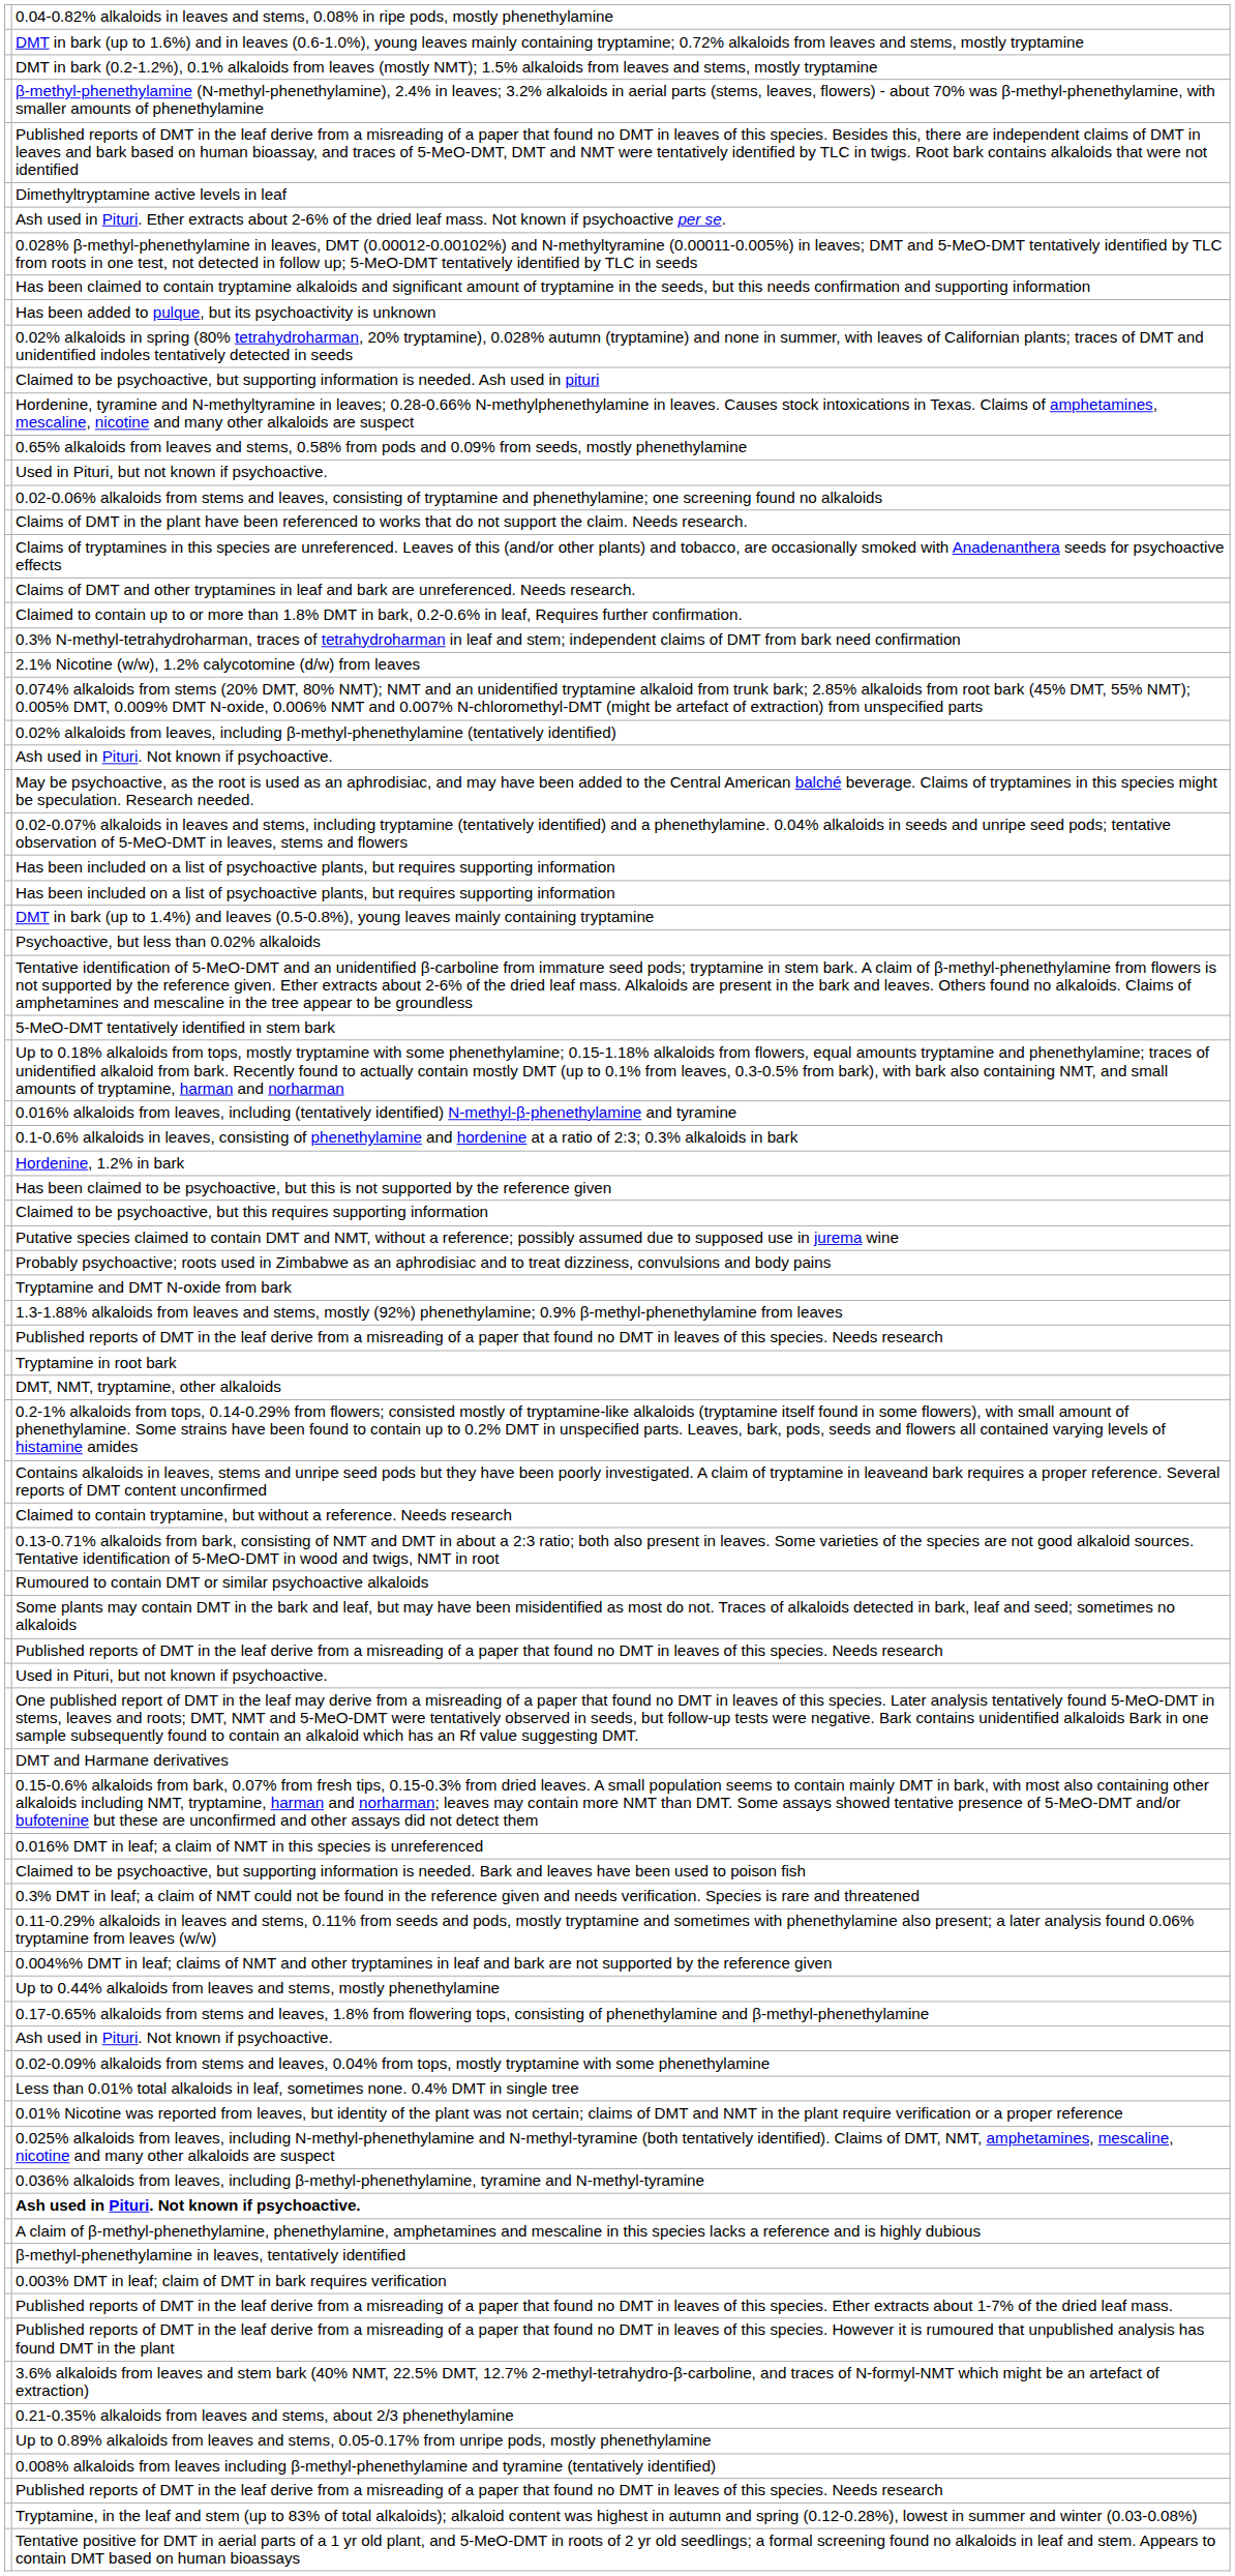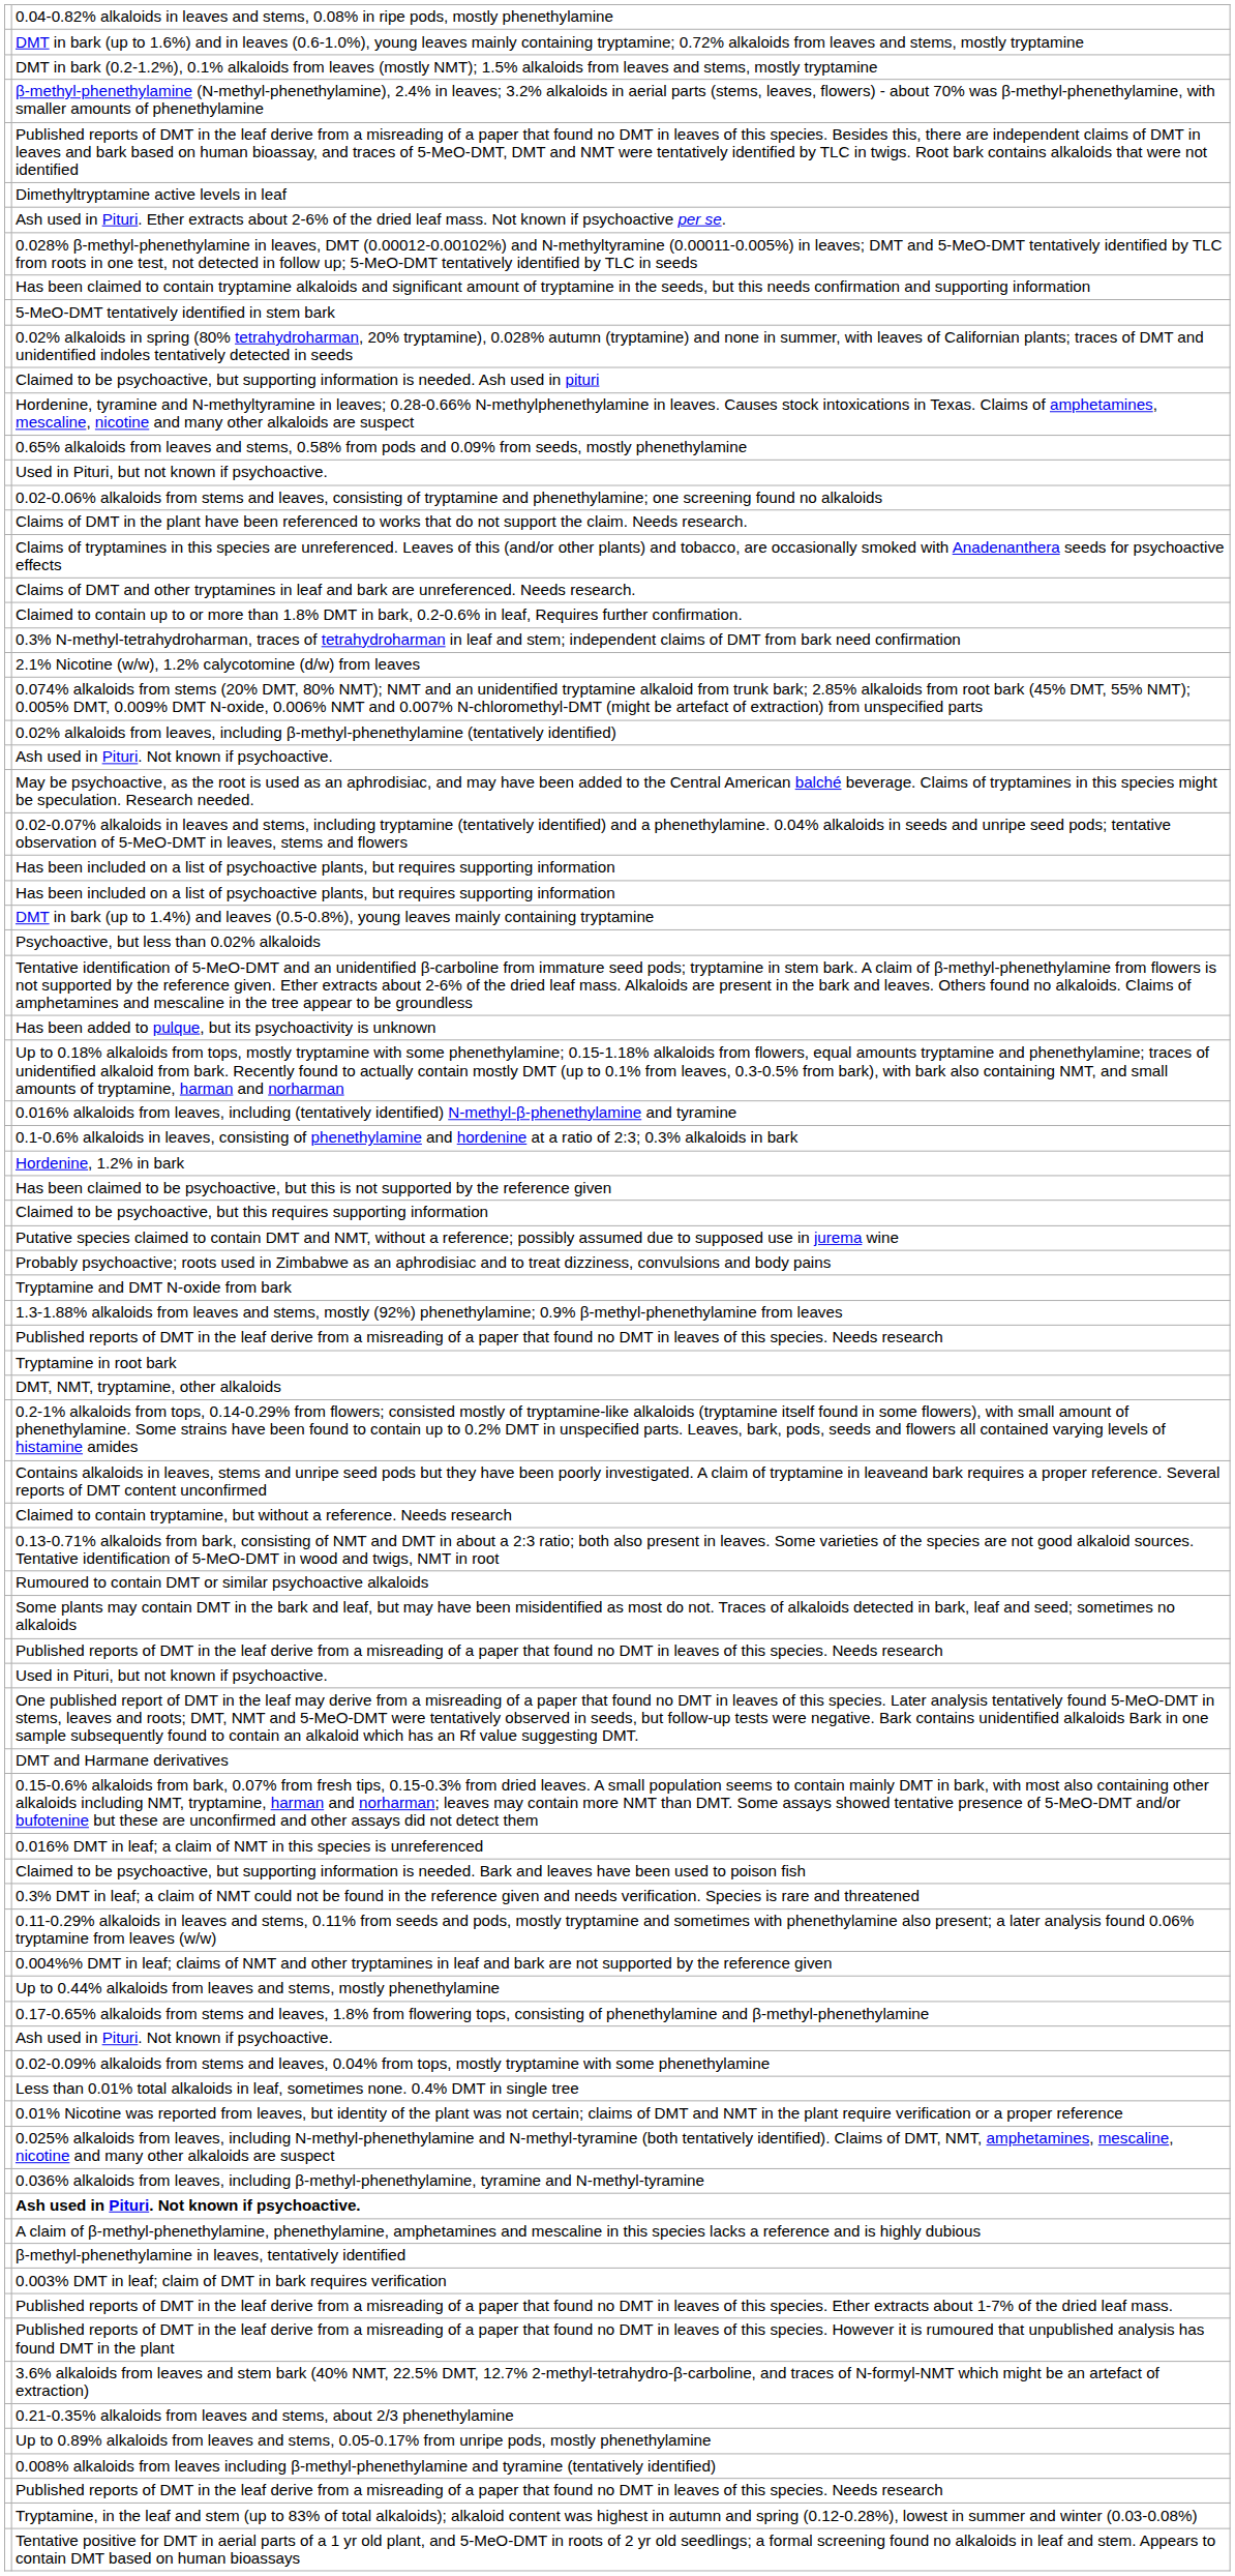 <table class="wikitable"  style="margin:1em auto BigP B.M.E auto; background:white;">
 <tr>
 <td></td>
 <td>0.04-0.82% alkaloids in leaves and stems, 0.08% in ripe pods, mostly phenethylamine</td>
 </tr>
 <tr>
 <td></td>
 <td><a href='#'>DMT</a> in bark (up to 1.6%) and in leaves (0.6-1.0%), young leaves mainly containing tryptamine; 0.72% alkaloids from leaves and stems, mostly tryptamine</td>
 </tr>
 <tr>
 <td></td>
 <td>DMT in bark (0.2-1.2%), 0.1% alkaloids from leaves (mostly NMT); 1.5% alkaloids from leaves and stems, mostly tryptamine</td>
 </tr>
 <tr>
 <td></td>
 <td><a href='#'>β-methyl-phenethylamine</a> (N-methyl-phenethylamine), 2.4% in leaves; 3.2% alkaloids in aerial parts (stems, leaves, flowers) - about 70% was β-methyl-phenethylamine, with smaller amounts of phenethylamine</td>
 </tr>
 <tr>
 <td></td>
 <td>Published reports of DMT in the leaf derive from a misreading of a paper that found no DMT in leaves of this species. Besides this, there are independent claims of DMT in leaves and bark based on human bioassay, and traces of 5-MeO-DMT, DMT and NMT were tentatively identified by TLC in twigs. Root bark contains alkaloids that were not identified</td>
 </tr>
 <tr>
 <td></td>
 <td>Dimethyltryptamine active levels in leaf</td>
 </tr>
 <tr>
 <td></td>
 <td>Ash used in <a href='#'>Pituri</a>. Ether extracts about 2-6% of the dried leaf mass.  Not known if psychoactive <em><a href='#'>per se</a></em>.</td>
 </tr>
 <tr>
 <td></td>
 <td>0.028% β-methyl-phenethylamine in leaves, DMT (0.00012-0.00102%) and N-methyltyramine (0.00011-0.005%) in leaves; DMT and 5-MeO-DMT tentatively identified by TLC from roots in one test, not detected in follow up; 5-MeO-DMT tentatively identified by TLC in seeds</td>
 </tr>
 <tr>
 <td></td>
 <td>Has been claimed to contain tryptamine alkaloids and significant amount of tryptamine in the seeds, but this needs confirmation and supporting information</td>
 </tr>
 <tr>
 <td></td>
-<td>Has been added to <a href='#'>pulque</a>, but its psychoactivity is unknown</td>
+<td>5-MeO-DMT tentatively identified in stem bark</td>
 </tr>
 <tr>
 <td></td>
 <td>0.02% alkaloids in spring (80% <a href='#'>tetrahydroharman</a>, 20% tryptamine), 0.028% autumn (tryptamine) and none in summer, with leaves of Californian plants; traces of DMT and unidentified indoles tentatively detected in seeds</td>
 </tr>
 <tr>
 <td></td>
 <td>Claimed to be psychoactive, but supporting information is needed. Ash used in <a href='#'>pituri</a></td>
 </tr>
 <tr>
 <td></td>
 <td>Hordenine, tyramine and N-methyltyramine in leaves; 0.28-0.66% N-methylphenethylamine in leaves. Causes stock intoxications in Texas. Claims of <a href='#'>amphetamines</a>, <a href='#'>mescaline</a>, <a href='#'>nicotine</a> and many other alkaloids are suspect</td>
 </tr>
 <tr>
 <td></td>
 <td>0.65% alkaloids from leaves and stems, 0.58% from pods and 0.09% from seeds, mostly phenethylamine</td>
 </tr>
 <tr>
 <td></td>
 <td>Used in Pituri, but not known if psychoactive.</td>
 </tr>
 <tr>
 <td></td>
 <td>0.02-0.06% alkaloids from stems and leaves, consisting of tryptamine and phenethylamine; one screening found no alkaloids</td>
 </tr>
 <tr>
 <td></td>
 <td>Claims of DMT in the plant have been referenced to works that do not support the claim. Needs research.</td>
 </tr>
 <tr>
 <td></td>
 <td>Claims of tryptamines in this species are unreferenced. Leaves of this (and/or other plants) and tobacco, are occasionally smoked with <a href='#'>Anadenanthera</a> seeds for psychoactive effects</td>
 </tr>
 <tr>
 <td></td>
 <td>Claims of DMT and other tryptamines in leaf and bark are unreferenced. Needs research.</td>
 </tr>
 <tr>
 <td></td>
 <td>Claimed to contain up to or more than 1.8% DMT in bark, 0.2-0.6% in leaf, Requires further confirmation.</td>
 </tr>
 <tr>
 <td></td>
 <td>0.3% N-methyl-tetrahydroharman, traces of <a href='#'>tetrahydroharman</a> in leaf and stem; independent claims of DMT from bark need confirmation</td>
 </tr>
 <tr>
 <td></td>
 <td>2.1% Nicotine (w/w), 1.2% calycotomine (d/w) from leaves</td>
 </tr>
 <tr>
 <td></td>
 <td>0.074% alkaloids from stems (20% DMT, 80% NMT); NMT and an unidentified tryptamine alkaloid from trunk bark; 2.85% alkaloids from root bark (45% DMT, 55% NMT); 0.005% DMT, 0.009% DMT N-oxide, 0.006% NMT and 0.007% N-chloromethyl-DMT (might be artefact of extraction) from unspecified parts</td>
 </tr>
 <tr>
 <td></td>
 <td>0.02% alkaloids from leaves, including β-methyl-phenethylamine (tentatively identified)</td>
 </tr>
 <tr>
 <td></td>
 <td>Ash used in <a href='#'>Pituri</a>.  Not known if psychoactive.</td>
 </tr>
 <tr>
 <td></td>
 <td>May be psychoactive, as the root is used as an aphrodisiac, and may have been added to the Central American <a href='#'>balché</a> beverage. Claims of tryptamines in this species might be speculation. Research needed.</td>
 </tr>
 <tr>
 <td></td>
 <td>0.02-0.07% alkaloids in leaves and stems, including tryptamine (tentatively identified) and a phenethylamine. 0.04% alkaloids in seeds and unripe seed pods; tentative observation of 5-MeO-DMT in leaves, stems and flowers</td>
 </tr>
 <tr>
 <td></td>
 <td>Has been included on a list of psychoactive plants, but requires supporting information</td>
 </tr>
 <tr>
 <td></td>
 <td>Has been included on a list of psychoactive plants, but requires supporting information</td>
 </tr>
 <tr>
 <td></td>
 <td><a href='#'>DMT</a> in bark (up to 1.4%) and leaves (0.5-0.8%), young leaves mainly containing tryptamine</td>
 </tr>
 <tr>
 <td></td>
 <td>Psychoactive, but less than 0.02% alkaloids</td>
 </tr>
 <tr>
 <td></td>
 <td>Tentative identification of 5-MeO-DMT and an unidentified β-carboline from immature seed pods; tryptamine in stem bark. A claim of β-methyl-phenethylamine from flowers is not supported by the reference given. Ether extracts about 2-6% of the dried leaf mass. Alkaloids are present in the bark and leaves. Others found no alkaloids. Claims of amphetamines and mescaline in the tree appear to be groundless</td>
 </tr>
 <tr>
 <td></td>
-<td>5-MeO-DMT tentatively identified in stem bark</td>
+<td>Has been added to <a href='#'>pulque</a>, but its psychoactivity is unknown</td>
 </tr>
 <tr>
 <td></td>
 <td>Up to 0.18% alkaloids from tops, mostly tryptamine with some phenethylamine; 0.15-1.18% alkaloids from flowers, equal amounts tryptamine and phenethylamine; traces of unidentified alkaloid from bark. Recently found to actually contain mostly DMT (up to 0.1% from leaves, 0.3-0.5% from bark), with bark also containing NMT, and small amounts of tryptamine, <a href='#'>harman</a> and <a href='#'>norharman</a></td>
 </tr>
 <tr>
 <td></td>
 <td>0.016% alkaloids from leaves, including (tentatively identified) <a href='#'>N-methyl-β-phenethylamine</a> and tyramine</td>
 </tr>
 <tr>
 <td></td>
 <td>0.1-0.6% alkaloids in leaves, consisting of <a href='#'>phenethylamine</a> and <a href='#'>hordenine</a> at a ratio of 2:3; 0.3% alkaloids in bark</td>
 </tr>
 <tr>
 <td></td>
 <td><a href='#'>Hordenine</a>, 1.2% in bark</td>
 </tr>
 <tr>
 <td></td>
 <td>Has been claimed to be psychoactive, but this is not supported by the reference given</td>
 </tr>
 <tr>
 <td></td>
 <td>Claimed to be psychoactive, but this requires supporting information</td>
 </tr>
 <tr>
 <td></td>
 <td>Putative species claimed to contain DMT and NMT, without a reference; possibly assumed due to supposed use in <a href='#'>jurema</a> wine</td>
 </tr>
 <tr>
 <td></td>
 <td>Probably psychoactive; roots used in Zimbabwe as an aphrodisiac and to treat dizziness, convulsions and body pains</td>
 </tr>
 <tr>
 <td></td>
 <td>Tryptamine and DMT N-oxide from bark</td>
 </tr>
 <tr>
 <td></td>
 <td>1.3-1.88% alkaloids from leaves and stems, mostly (92%) phenethylamine; 0.9% β-methyl-phenethylamine from leaves</td>
 </tr>
 <tr>
 <td></td>
 <td>Published reports of DMT in the leaf derive from a misreading of a paper that found no DMT in leaves of this species. Needs research</td>
 </tr>
 <tr>
 <td></td>
 <td>Tryptamine in root bark</td>
 </tr>
 <tr>
 <td></td>
 <td>DMT, NMT, tryptamine, other alkaloids </td>
 </tr>
 <tr>
 <td></td>
 <td>0.2-1% alkaloids from tops, 0.14-0.29% from flowers; consisted mostly of tryptamine-like alkaloids (tryptamine itself found in some flowers), with small amount of phenethylamine. Some strains have been found to contain up to 0.2% DMT in unspecified parts. Leaves, bark, pods, seeds and flowers all contained varying levels of <a href='#'>histamine</a> amides</td>
 </tr>
 <tr>
 <td></td>
 <td>Contains alkaloids in leaves, stems and unripe seed pods but they have been poorly investigated. A claim of tryptamine in leaveand bark requires a proper reference. Several reports of DMT content unconfirmed</td>
 </tr>
 <tr>
 <td></td>
 <td>Claimed to contain tryptamine, but without a reference. Needs research</td>
 </tr>
 <tr>
 <td></td>
 <td>0.13-0.71% alkaloids from bark, consisting of NMT and DMT in about a 2:3 ratio; both also present in leaves. Some varieties of the species are not good alkaloid sources. Tentative identification of 5-MeO-DMT in wood and twigs, NMT in root</td>
 </tr>
 <tr>
 <td></td>
 <td>Rumoured to contain DMT or similar psychoactive alkaloids</td>
 </tr>
 <tr>
 <td></td>
 <td>Some plants may contain DMT in the bark and leaf, but may have been misidentified as most do not. Traces of alkaloids detected in bark, leaf and seed; sometimes no alkaloids</td>
 </tr>
 <tr>
 <td></td>
 <td>Published reports of DMT in the leaf derive from a misreading of a paper that found no DMT in leaves of this species. Needs research</td>
 </tr>
 <tr>
 <td></td>
 <td>Used in Pituri, but not known if psychoactive.</td>
 </tr>
 <tr>
 <td></td>
 <td>One published report of DMT in the leaf may derive from a misreading of a paper that found no DMT in leaves of this species. Later analysis tentatively found 5-MeO-DMT in stems, leaves and roots; DMT, NMT and 5-MeO-DMT were tentatively observed in seeds, but follow-up tests were negative. Bark contains unidentified alkaloids Bark in one sample subsequently found to contain an alkaloid which has an Rf value suggesting DMT.</td>
 </tr>
 <tr>
 <td><a href='#'></a></td>
 <td>DMT and Harmane derivatives </td>
 </tr>
 <tr>
 <td></td>
 <td>0.15-0.6% alkaloids from bark, 0.07% from fresh tips, 0.15-0.3% from dried leaves. A small population seems to contain mainly DMT in bark, with most also containing other alkaloids including NMT, tryptamine, <a href='#'>harman</a> and <a href='#'>norharman</a>; leaves may contain more NMT than DMT. Some assays showed tentative presence of 5-MeO-DMT and/or <a href='#'>bufotenine</a> but these are unconfirmed and other assays did not detect them</td>
 </tr>
 <tr>
 <td></td>
 <td>0.016% DMT in leaf; a claim of NMT in this species is unreferenced</td>
 </tr>
 <tr>
 <td></td>
 <td>Claimed to be psychoactive, but supporting information is needed. Bark and leaves have been used to poison fish</td>
 </tr>
 <tr>
 <td></td>
 <td>0.3% DMT in leaf; a claim of NMT could not be found in the reference given and needs verification. Species is rare and threatened</td>
 </tr>
 <tr>
 <td></td>
 <td>0.11-0.29% alkaloids in leaves and stems, 0.11% from seeds and pods, mostly tryptamine and sometimes with phenethylamine also present; a later analysis found 0.06% tryptamine from leaves (w/w)</td>
 </tr>
 <tr>
 <td></td>
 <td>0.004%% DMT in leaf; claims of NMT and other tryptamines in leaf and bark are not supported by the reference given</td>
 </tr>
 <tr>
 <td></td>
 <td>Up to 0.44% alkaloids from leaves and stems, mostly phenethylamine</td>
 </tr>
 <tr>
 <td></td>
 <td>0.17-0.65% alkaloids from stems and leaves, 1.8% from flowering tops, consisting of phenethylamine and β-methyl-phenethylamine</td>
 </tr>
 <tr>
 <td></td>
 <td>Ash used in <a href='#'>Pituri</a>.  Not known if psychoactive.</td>
 </tr>
 <tr>
 <td></td>
 <td>0.02-0.09% alkaloids from stems and leaves, 0.04% from tops, mostly tryptamine with some phenethylamine</td>
 </tr>
 <tr>
 <td></td>
 <td>Less than 0.01% total alkaloids in leaf, sometimes none. 0.4% DMT in single tree</td>
 </tr>
 <tr>
 <td></td>
 <td>0.01% Nicotine was reported from leaves, but identity of the plant was not certain; claims of DMT and NMT in the plant require verification or a proper reference</td>
 </tr>
 <tr>
 <td></td>
 <td>0.025% alkaloids from leaves, including N-methyl-phenethylamine and N-methyl-tyramine (both tentatively identified). Claims of DMT, NMT, <a href='#'>amphetamines</a>, <a href='#'>mescaline</a>, <a href='#'>nicotine</a> and many other alkaloids are suspect</td>
 </tr>
 <tr>
 <td></td>
 <td>0.036% alkaloids from leaves, including β-methyl-phenethylamine, tyramine and N-methyl-tyramine</td>
 </tr>
 <tr>
 <td></td>
 <td><strong>Ash used in <a href='#'>Pituri</a>.  Not known if psychoactive.</strong></td>
 </tr>
 <tr>
 <td></td>
 <td>A claim of β-methyl-phenethylamine, phenethylamine, amphetamines and mescaline in this species lacks a reference and is highly dubious</td>
 </tr>
 <tr>
 <td></td>
 <td>β-methyl-phenethylamine in leaves, tentatively identified</td>
 </tr>
 <tr>
 <td></td>
 <td>0.003% DMT in leaf; claim of DMT in bark requires verification</td>
 </tr>
 <tr>
 <td></td>
 <td>Published reports of DMT in the leaf derive from a misreading of a paper that found no DMT in leaves of this species. Ether extracts about 1-7% of the dried leaf mass.</td>
 </tr>
 <tr>
 <td></td>
 <td>Published reports of DMT in the leaf derive from a misreading of a paper that found no DMT in leaves of this species. However it is rumoured that unpublished analysis has found DMT in the plant</td>
 </tr>
 <tr>
 <td></td>
 <td>3.6% alkaloids from leaves and stem bark (40% NMT, 22.5% DMT, 12.7% 2-methyl-tetrahydro-β-carboline, and traces of N-formyl-NMT which might be an artefact of extraction)</td>
 </tr>
 <tr>
 <td></td>
 <td>0.21-0.35% alkaloids from leaves and stems, about 2/3 phenethylamine</td>
 </tr>
 <tr>
 <td></td>
 <td>Up to 0.89% alkaloids from leaves and stems, 0.05-0.17% from unripe pods, mostly phenethylamine</td>
 </tr>
 <tr>
 <td></td>
 <td>0.008% alkaloids from leaves including β-methyl-phenethylamine and tyramine (tentatively identified)</td>
 </tr>
 <tr>
 <td></td>
 <td>Published reports of DMT in the leaf derive from a misreading of a paper that found no DMT in leaves of this species. Needs research</td>
 </tr>
 <tr>
 <td></td>
 <td>Tryptamine, in the leaf and stem (up to 83% of total alkaloids); alkaloid content was highest in autumn and spring (0.12-0.28%), lowest in summer and winter (0.03-0.08%)</td>
 </tr>
 <tr>
 <td></td>
 <td>Tentative positive for DMT in aerial parts of a 1 yr old plant, and 5-MeO-DMT in roots of 2 yr old seedlings; a formal screening found no alkaloids in leaf and stem. Appears to contain DMT based on human bioassays</td>
 </tr>
 </table>
